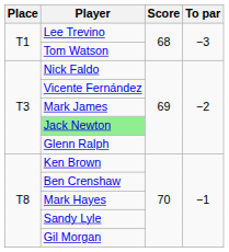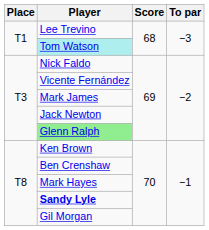 <table class="wikitable">
 <tr>
 <th>Place</th>
 <th>Player</th>
 <th>Score</th>
 <th>To par</th>
 </tr>
 <tr>
 <td rowspan="2" align=center>T1</td>
 <td> <a href='#'>Lee Trevino</a></td>
 <td rowspan="2" align=center>68</td>
 <td rowspan="2" align=center>−3</td>
 </tr>
 <tr>
-<td> <a href='#'>Tom Watson</a></td>
+<td style="background: paleturquoise;"> <a href='#'>Tom Watson</a></td>
 </tr>
 <tr>
 <td rowspan="5" align=center>T3</td>
 <td> <a href='#'>Nick Faldo</a></td>
 <td rowspan="5" align=center>69</td>
 <td rowspan="5" align=center>−2</td>
 </tr>
 <tr>
 <td> <a href='#'>Vicente Fernández</a></td>
 </tr>
 <tr>
 <td> <a href='#'>Mark James</a></td>
 </tr>
 <tr>
-<td style="background: lightgreen;"> <a href='#'>Jack Newton</a></td>
+<td> <a href='#'>Jack Newton</a></td>
 </tr>
 <tr>
-<td> <a href='#'>Glenn Ralph</a></td>
+<td style="background: lightgreen;"> <a href='#'>Glenn Ralph</a></td>
 </tr>
 <tr>
 <td rowspan="5" align=center>T8</td>
 <td> <a href='#'>Ken Brown</a></td>
 <td rowspan="5" align=center>70</td>
 <td rowspan="5" align=center>−1</td>
 </tr>
 <tr>
 <td> <a href='#'>Ben Crenshaw</a></td>
 </tr>
 <tr>
 <td> <a href='#'>Mark Hayes</a></td>
 </tr>
 <tr>
-<td> <a href='#'>Sandy Lyle</a></td>
+<td><strong> <a href='#'>Sandy Lyle</a></strong></td>
 </tr>
 <tr>
 <td> <a href='#'>Gil Morgan</a></td>
 </tr>
 </table>
